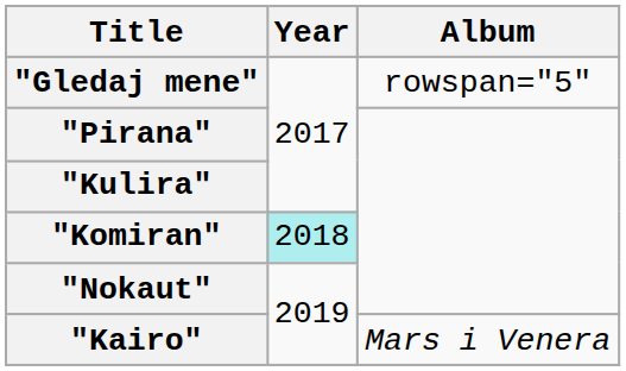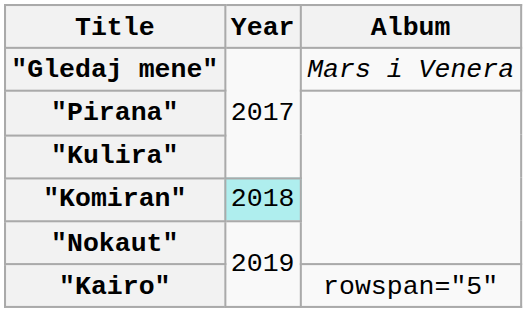 <table class="wikitable plainrowheaders" style="text-align:center;">
 <tr>
 <th scope="col">Title</th>
 <th scope="col">Year</th>
 <th scope="col">Album</th>
 </tr>
 <tr>
 <th scope="row">"Gledaj mene"<br></th>
 <td rowspan="3">2017</td>
-<td>rowspan="5" </td>
+<td><em>Mars i Venera</em></td>
 </tr>
 <tr>
 <th scope="row">"Pirana"<br></th>
 </tr>
 <tr>
 <th scope="row">"Kulira"<br></th>
 </tr>
 <tr>
 <th scope="row">"Komiran"<br></th>
 <td rowspan="1" style="background: paleturquoise;">2018</td>
 </tr>
 <tr>
 <th scope="row">"Nokaut"<br></th>
 <td rowspan="2">2019</td>
 </tr>
 <tr>
 <th scope="row">"Kairo"<br></th>
-<td><em>Mars i Venera</em></td>
+<td>rowspan="5" </td>
 </tr>
 </table>
